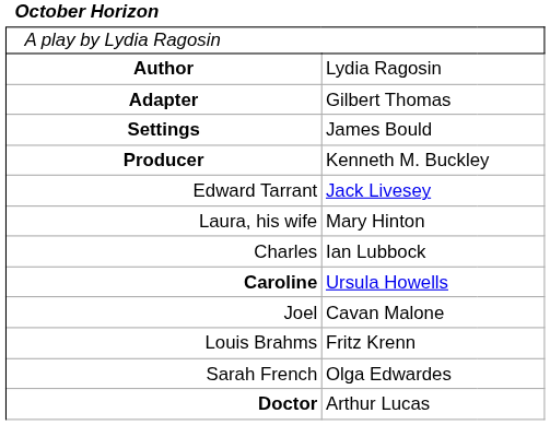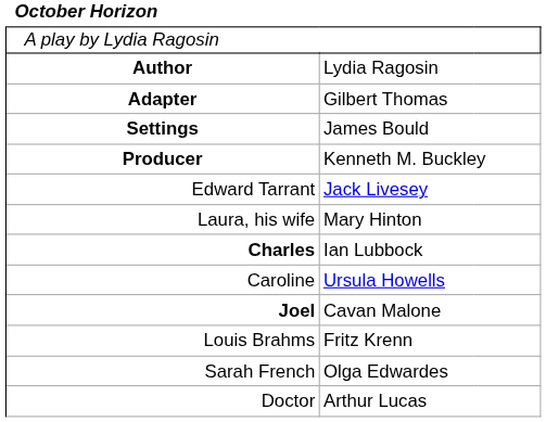 <table class="wikitable mw-collapsible mw-collapsed" style="vertical-align:top;margin:auto 2em;line-height:1.2;max-width:33em;background-color:inherit;border:none;">
 <tr>
 <td class=unsortable style="border:hidden;line-height:1.67;margin-left:-1em;text-align:center;padding-left:0.5em;min-width:1.0em;"></td>
 <td class=unsortable style="border-style:none;padding-left:0.5em;text-align:left;min-width:16.5em;font-weight:700;font-style:italic;">October Horizon</td>
 <td class=unsortable style="border:none;text-align:right;font-weight:normal; font-size:95%; min-width:8.5em;padding-right:0.2em;"></td>
 <td class=unsortable style="border:none;min-width:3.5em;padding-left:0;"></td>
 <td class=unsortable style="border:hidden;min-width:3.5em;font-size:95%;"></td>
 </tr>
 <tr>
 <td rowspan=100 style="border:none thin;border-right-style :solid;"></td>
 <td colspan=3 style="text-align:left;padding:0.1em 1em;font-style:italic;border: solid thin;">A play by Lydia Ragosin</td>
 </tr>
 <tr>
 <td style="text-align:center;font-weight:bold;">Author</td>
 <td colspan=2>Lydia Ragosin</td>
 </tr>
 <tr>
 <td style="text-align:center;font-weight:bold;">Adapter</td>
 <td colspan=2>Gilbert Thomas</td>
 </tr>
 <tr>
 <td style="text-align:center;font-weight:bold;">Settings</td>
 <td colspan=2>James Bould</td>
 </tr>
 <tr>
 <td style="text-align:center;font-weight:bold;">Producer</td>
 <td colspan=2>Kenneth M. Buckley</td>
 </tr>
 <tr>
 <td style="text-align:right;">Edward Tarrant</td>
 <td colspan=2><a href='#'>Jack Livesey</a></td>
 </tr>
 <tr>
 <td style="text-align:right;">Laura, his wife</td>
 <td colspan=2>Mary Hinton</td>
 </tr>
 <tr>
-<td style="text-align:right;">Charles</td>
+<td style="text-align:right;"><strong>Charles</strong></td>
 <td colspan=2>Ian Lubbock</td>
 </tr>
 <tr>
-<td style="text-align:right;"><strong>Caroline</strong></td>
+<td style="text-align:right;">Caroline</td>
 <td colspan=2><a href='#'>Ursula Howells</a></td>
 </tr>
 <tr>
-<td style="text-align:right;">Joel</td>
+<td style="text-align:right;"><strong>Joel</strong></td>
 <td colspan=2>Cavan Malone</td>
 </tr>
 <tr>
 <td style="text-align:right;">Louis Brahms</td>
 <td colspan=2>Fritz Krenn</td>
 </tr>
 <tr>
 <td style="text-align:right;">Sarah French</td>
 <td colspan=2>Olga Edwardes</td>
 </tr>
 <tr>
-<td style="text-align:right;"><strong>Doctor</strong></td>
+<td style="text-align:right;">Doctor</td>
 <td colspan=2>Arthur Lucas</td>
 </tr>
 </table>
